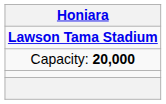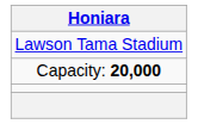 <table class=wikitable style="text-align:center; margin:0 auto 0 auto;">
 <tr>
 <th> <a href='#'>Honiara</a></th>
 </tr>
 <tr>
-<td><strong><a href='#'>Lawson Tama Stadium</a></strong></td>
+<td><a href='#'>Lawson Tama Stadium</a></td>
 </tr>
 <tr>
 <td>Capacity: <strong>20,000</strong></td>
 </tr>
 <tr>
 <td></td>
 </tr>
 <tr>
 <th rowspan=12><br></th>
 </tr>
 </table>
